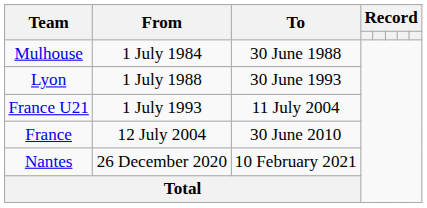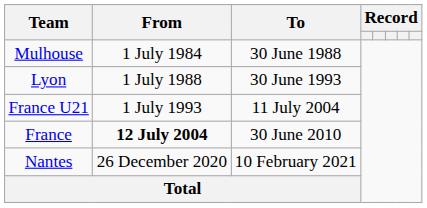 <table class="wikitable" style="text-align: center">
 <tr>
 <th rowspan="2">Team</th>
 <th rowspan="2">From</th>
 <th rowspan="2">To</th>
 <th colspan="5">Record</th>
 </tr>
 <tr>
 <th></th>
 <th></th>
 <th></th>
 <th></th>
 <th></th>
 </tr>
 <tr>
 <td><a href='#'>Mulhouse</a></td>
 <td>1 July 1984</td>
 <td>30 June 1988<br></td>
 </tr>
 <tr>
 <td><a href='#'>Lyon</a></td>
 <td>1 July 1988</td>
 <td>30 June 1993<br></td>
 </tr>
 <tr>
 <td><a href='#'>France U21</a></td>
 <td>1 July 1993</td>
 <td>11 July 2004<br></td>
 </tr>
 <tr>
 <td><a href='#'>France</a></td>
-<td>12 July 2004</td>
+<td><strong>12 July 2004</strong></td>
 <td>30 June 2010<br></td>
 </tr>
 <tr>
 <td><a href='#'>Nantes</a></td>
 <td>26 December 2020</td>
 <td>10 February 2021<br></td>
 </tr>
 <tr>
 <th colspan="3">Total<br></th>
 </tr>
 </table>
